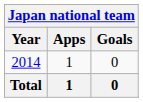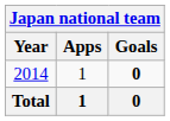 <table class="wikitable" style="text-align:center">
 <tr>
 <th colspan=3><a href='#'>Japan national team</a></th>
 </tr>
 <tr>
 <th>Year</th>
 <th>Apps</th>
 <th>Goals</th>
 </tr>
 <tr>
 <td><a href='#'>2014</a></td>
 <td>1</td>
-<td>0</td>
+<td><strong>0</strong></td>
 </tr>
 <tr>
 <th>Total</th>
 <th>1</th>
 <th>0</th>
 </tr>
 </table>
